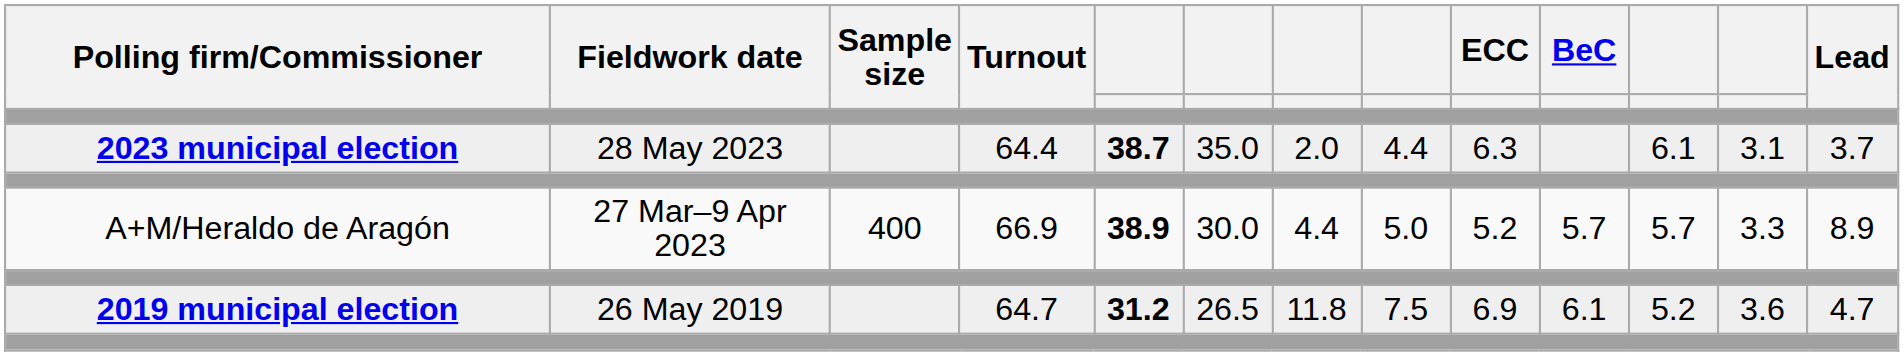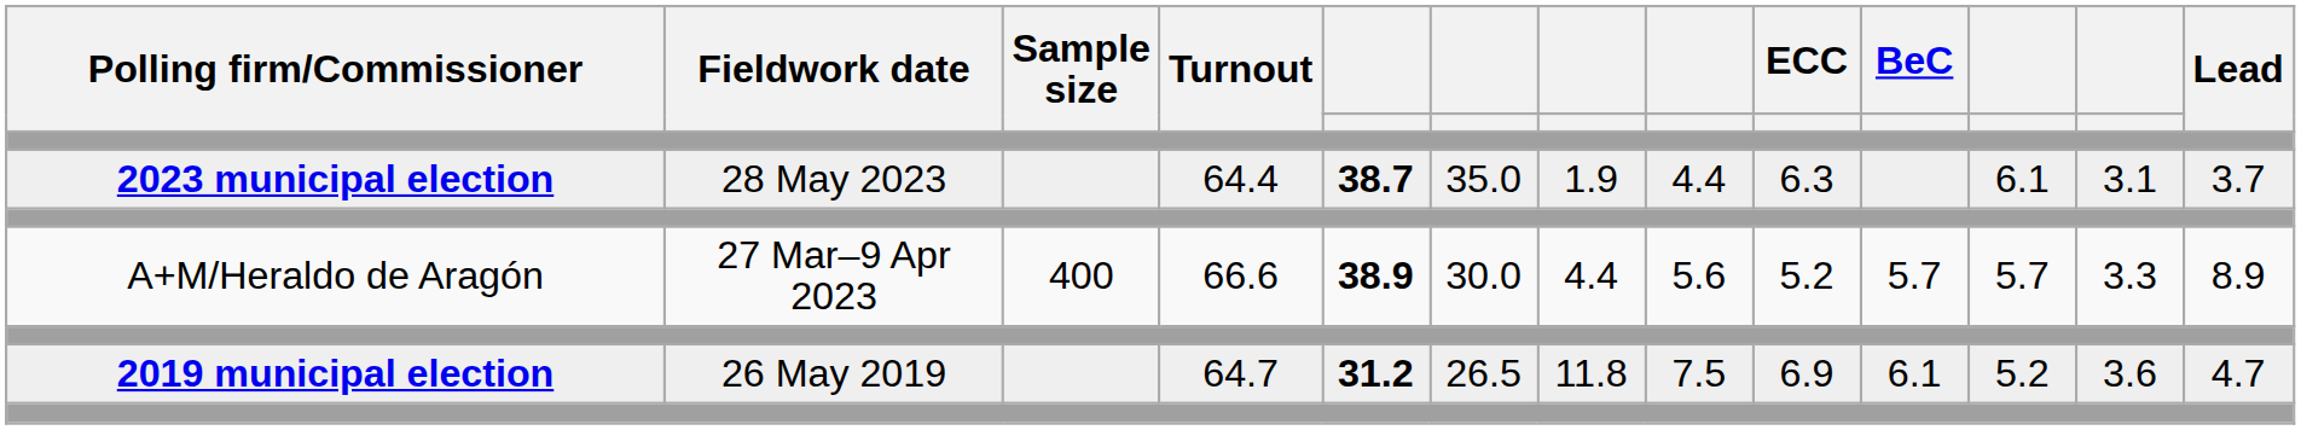 <table class="wikitable collapsible collapsed" style="text-align:center; font-size:95%; line-height:16px;">
 <tr style="height:42px;">
 <th style="width:250px;" rowspan="2">Polling firm/Commissioner</th>
 <th style="width:125px;" rowspan="2">Fieldwork date</th>
 <th style="width:50px;" rowspan="2">Sample size</th>
 <th style="width:45px;" rowspan="2">Turnout</th>
 <th style="width:35px;"></th>
 <th style="width:35px;"></th>
 <th style="width:35px;"></th>
 <th style="width:35px;"></th>
 <th style="width:35px;">ECC</th>
 <th style="width:35px;"><a href='#'>BeC</a></th>
 <th style="width:35px;"></th>
 <th style="width:35px;"></th>
 <th style="width:30px;" rowspan="2">Lead</th>
 </tr>
 <tr>
 <th style="color:inherit;background:"></th>
 <th style="color:inherit;background:"></th>
 <th style="color:inherit;background:"></th>
 <th style="color:inherit;background:"></th>
 <th style="color:inherit;background:"></th>
 <th style="color:inherit;background:"></th>
 <th style="color:inherit;background:"></th>
 <th style="color:inherit;background:"></th>
 </tr>
 <tr>
 <td colspan="13" style="background:#A0A0A0"></td>
 </tr>
 <tr style="background:#EFEFEF;">
 <td><strong><a href='#'>2023 municipal election</a></strong></td>
 <td>28 May 2023</td>
 <td></td>
 <td>64.4</td>
 <td><strong>38.7</strong><br></td>
 <td>35.0<br></td>
-<td>2.0<br></td>
+<td>1.9<br></td>
 <td>4.4<br></td>
 <td>6.3<br></td>
 <td></td>
 <td>6.1<br></td>
 <td>3.1<br></td>
 <td style="background:">3.7</td>
 </tr>
 <tr>
 <td colspan="13" style="background:#A0A0A0"></td>
 </tr>
 <tr>
 <td>A+M/Heraldo de Aragón</td>
 <td>27 Mar–9 Apr 2023</td>
 <td>400</td>
-<td>66.9</td>
+<td>66.6</td>
 <td><strong>38.9</strong><br></td>
 <td>30.0<br></td>
 <td>4.4<br></td>
-<td>5.0<br></td>
+<td>5.6<br></td>
 <td>5.2<br></td>
 <td>5.7<br></td>
 <td>5.7<br></td>
 <td>3.3<br></td>
 <td style="background:">8.9</td>
 </tr>
 <tr>
 <td colspan="13" style="background:#A0A0A0"></td>
 </tr>
 <tr style="background:#EFEFEF;">
 <td><strong><a href='#'>2019 municipal election</a></strong></td>
 <td>26 May 2019</td>
 <td></td>
 <td>64.7</td>
 <td><strong>31.2</strong><br></td>
 <td>26.5<br></td>
 <td>11.8<br></td>
 <td>7.5<br></td>
 <td>6.9<br></td>
 <td>6.1<br></td>
 <td>5.2<br></td>
 <td>3.6<br></td>
 <td style="background:">4.7</td>
 </tr>
 <tr>
 <td colspan="13" style="background:#A0A0A0"></td>
 </tr>
 </table>
